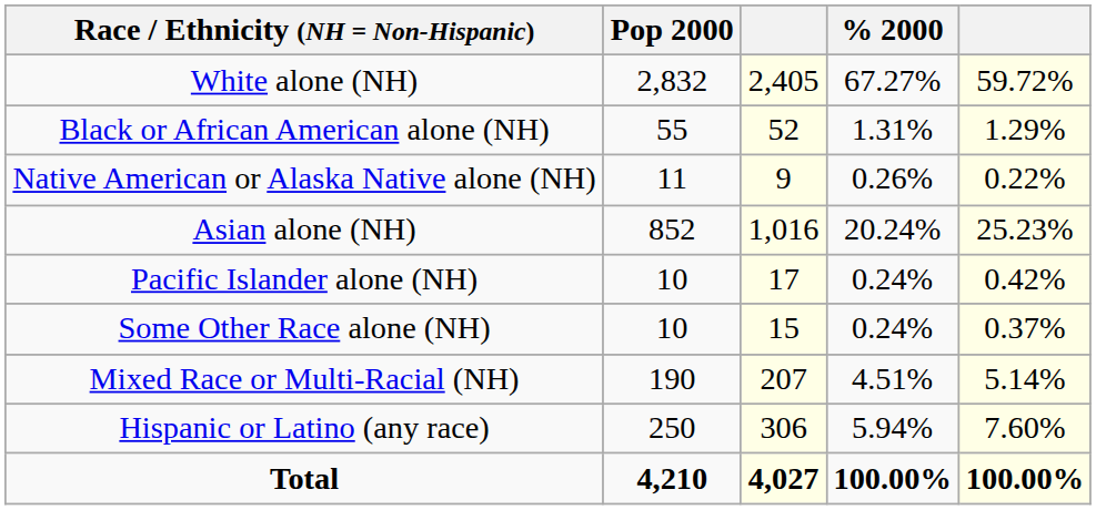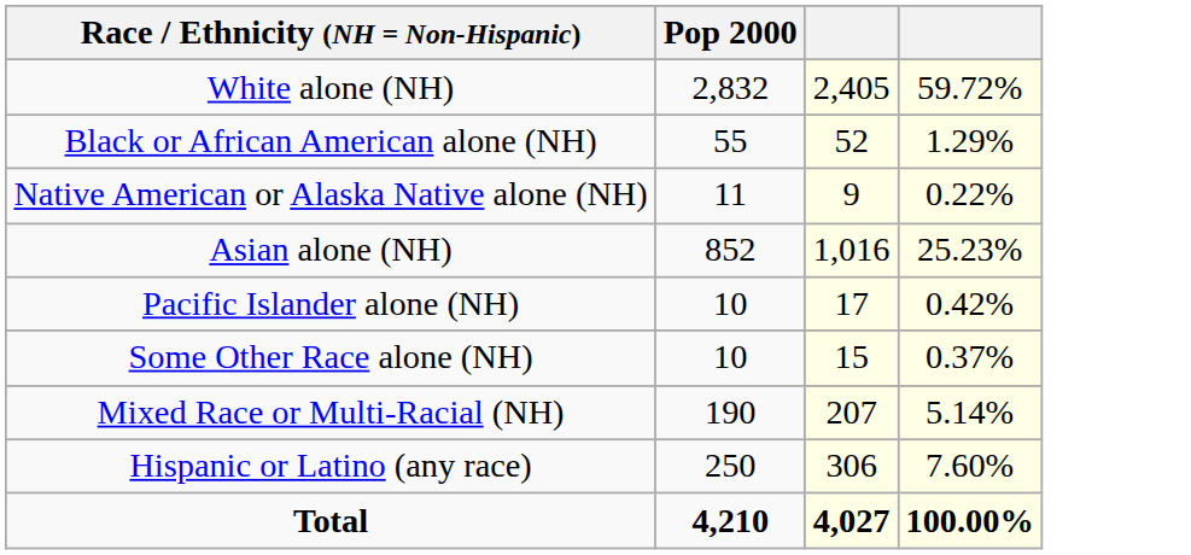 <table class="wikitable" style="text-align:center;">
 <tr>
 <th>Race / Ethnicity <small>(<em>NH = Non-Hispanic</em>)</small></th>
 <th>Pop 2000</th>
 <th></th>
-<th>% 2000</th>
 <th></th>
 </tr>
 <tr>
 <td><a href='#'>White</a> alone (NH)</td>
 <td>2,832</td>
 <td style='background: #ffffe6;'>2,405</td>
-<td>67.27%</td>
 <td style='background: #ffffe6;'>59.72%</td>
 </tr>
 <tr>
 <td><a href='#'>Black or African American</a> alone (NH)</td>
 <td>55</td>
 <td style='background: #ffffe6;'>52</td>
-<td>1.31%</td>
 <td style='background: #ffffe6;'>1.29%</td>
 </tr>
 <tr>
 <td><a href='#'>Native American</a> or <a href='#'>Alaska Native</a> alone (NH)</td>
 <td>11</td>
 <td style='background: #ffffe6;'>9</td>
-<td>0.26%</td>
 <td style='background: #ffffe6;'>0.22%</td>
 </tr>
 <tr>
 <td><a href='#'>Asian</a> alone (NH)</td>
 <td>852</td>
 <td style='background: #ffffe6;'>1,016</td>
-<td>20.24%</td>
 <td style='background: #ffffe6;'>25.23%</td>
 </tr>
 <tr>
 <td><a href='#'>Pacific Islander</a> alone (NH)</td>
 <td>10</td>
 <td style='background: #ffffe6;'>17</td>
-<td>0.24%</td>
 <td style='background: #ffffe6;'>0.42%</td>
 </tr>
 <tr>
 <td><a href='#'>Some Other Race</a> alone (NH)</td>
 <td>10</td>
 <td style='background: #ffffe6;'>15</td>
-<td>0.24%</td>
 <td style='background: #ffffe6;'>0.37%</td>
 </tr>
 <tr>
 <td><a href='#'>Mixed Race or Multi-Racial</a> (NH)</td>
 <td>190</td>
 <td style='background: #ffffe6;'>207</td>
-<td>4.51%</td>
 <td style='background: #ffffe6;'>5.14%</td>
 </tr>
 <tr>
 <td><a href='#'>Hispanic or Latino</a> (any race)</td>
 <td>250</td>
 <td style='background: #ffffe6;'>306</td>
-<td>5.94%</td>
 <td style='background: #ffffe6;'>7.60%</td>
 </tr>
 <tr>
 <td><strong>Total</strong></td>
 <td><strong>4,210</strong></td>
 <td style='background: #ffffe6;'><strong>4,027</strong></td>
-<td><strong>100.00%</strong></td>
 <td style='background: #ffffe6;'><strong>100.00%</strong></td>
 </tr>
 </table>
